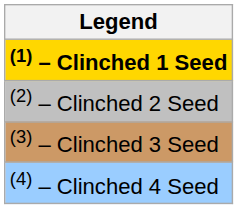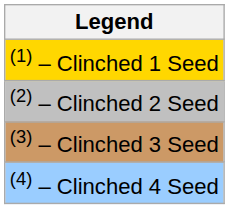 <table class="wikitable">
 <tr>
 <th>Legend</th>
 </tr>
 <tr style="background:gold">
-<td><strong><sup>(1)</sup> – Clinched 1 Seed</strong></td>
+<td><sup>(1)</sup> – Clinched 1 Seed</td>
 </tr>
 <tr style="background:#C0C0C0">
 <td><sup>(2)</sup> – Clinched 2 Seed</td>
 </tr>
 <tr style="background:#cc9966">
 <td><sup>(3)</sup> – Clinched 3 Seed</td>
 </tr>
 <tr style="background:#9acdff">
 <td><sup>(4)</sup> – Clinched 4 Seed</td>
 </tr>
 </table>
